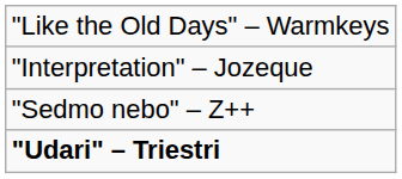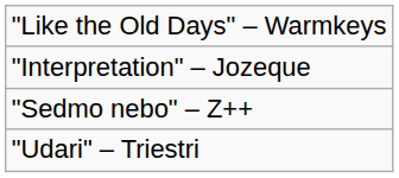 <table class="wikitable mw-collapsible mw-collapsed">
 <tr>
 <td>"Like the Old Days" – Warmkeys</td>
 </tr>
 <tr>
 <td>"Interpretation" – Jozeque</td>
 </tr>
 <tr>
 <td>"Sedmo nebo" – Z++</td>
 </tr>
 <tr>
-<td><strong>"Udari" – Triestri</strong></td>
+<td>"Udari" – Triestri</td>
 </tr>
 </table>
